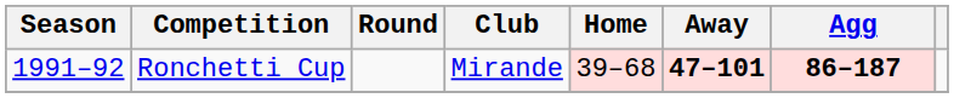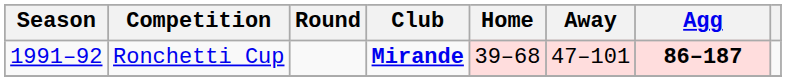 <table class="wikitable mw-collapsible" style="font-size:95%;">
 <tr>
 <th>Season</th>
 <th>Competition</th>
 <th>Round</th>
 <th>Club</th>
 <th>Home</th>
 <th>Away</th>
 <th width="70"><a href='#'>Agg</a></th>
 <th></th>
 </tr>
 <tr>
 <td><a href='#'>1991–92</a></td>
 <td><a href='#'>Ronchetti Cup</a></td>
 <td></td>
-<td> <a href='#'>Mirande</a></td>
+<td><strong> <a href='#'>Mirande</a></strong></td>
 <td style="text-align:center;" bgcolor=#fdd>39–68</td>
-<td style="text-align:center;" bgcolor=#fdd><strong>47–101</strong></td>
+<td style="text-align:center;" bgcolor=#fdd>47–101</td>
 <td style="text-align:center;" bgcolor=#fdd><strong>86–187</strong></td>
 <td></td>
 </tr>
 <tr>
 </tr>
 </table>
